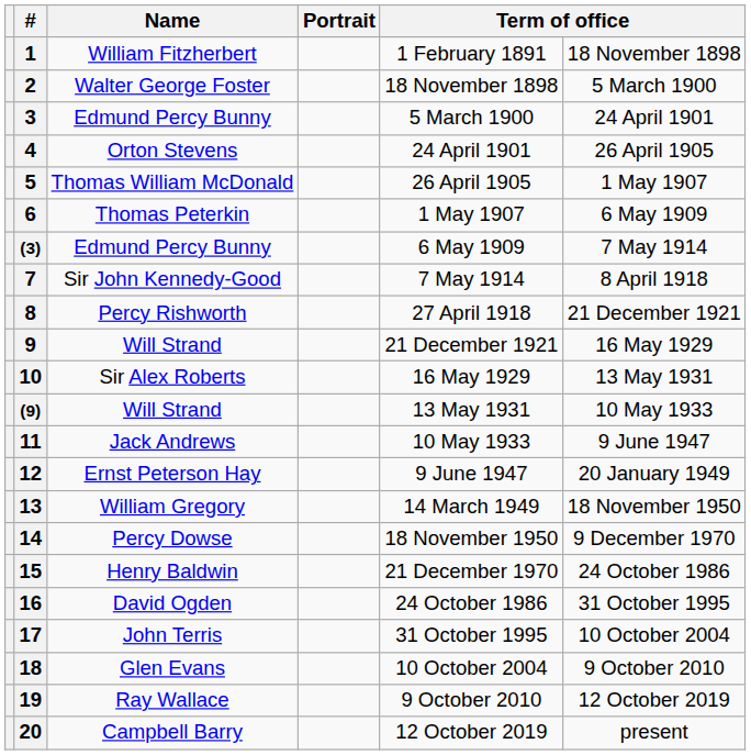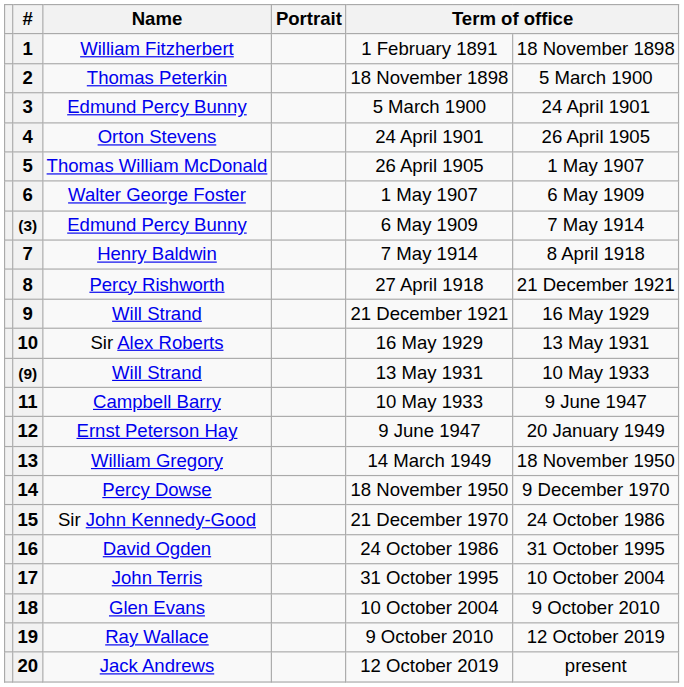 <table class="wikitable" style="text-align:center">
 <tr>
 <th></th>
 <th>#</th>
 <th>Name</th>
 <th>Portrait</th>
 <th colspan="2" width="150">Term of office</th>
 </tr>
 <tr>
 <th style="background:"></th>
 <th>1</th>
 <td><a href='#'>William Fitzherbert</a></td>
 <td></td>
 <td>1 February 1891</td>
 <td>18 November 1898</td>
 </tr>
 <tr>
 <th style="background:"></th>
 <th>2</th>
-<td><a href='#'>Walter George Foster</a></td>
+<td><a href='#'>Thomas Peterkin</a></td>
 <td></td>
 <td>18 November 1898</td>
 <td>5 March 1900</td>
 </tr>
 <tr>
 <th style="background:"></th>
 <th>3</th>
 <td><a href='#'>Edmund Percy Bunny</a></td>
 <td></td>
 <td>5 March 1900</td>
 <td>24 April 1901</td>
 </tr>
 <tr>
 <th style="background:"></th>
 <th>4</th>
 <td><a href='#'>Orton Stevens</a></td>
 <td></td>
 <td>24 April 1901</td>
 <td>26 April 1905</td>
 </tr>
 <tr>
 <th style="background:"></th>
 <th>5</th>
 <td><a href='#'>Thomas William McDonald</a></td>
 <td></td>
 <td>26 April 1905</td>
 <td>1 May 1907</td>
 </tr>
 <tr>
 <th style="background:"></th>
 <th>6</th>
-<td><a href='#'>Thomas Peterkin</a></td>
+<td><a href='#'>Walter George Foster</a></td>
 <td></td>
 <td>1 May 1907</td>
 <td>6 May 1909</td>
 </tr>
 <tr>
 <th style="background:"></th>
 <th><small>(3)</small></th>
 <td><a href='#'>Edmund Percy Bunny</a></td>
 <td></td>
 <td>6 May 1909</td>
 <td>7 May 1914</td>
 </tr>
 <tr>
 <th style="background:"></th>
 <th>7</th>
-<td>Sir <a href='#'>John Kennedy-Good</a></td>
+<td><a href='#'>Henry Baldwin</a></td>
 <td></td>
 <td>7 May 1914</td>
 <td>8 April 1918</td>
 </tr>
 <tr>
 <th style="background:"></th>
 <th>8</th>
 <td><a href='#'>Percy Rishworth</a></td>
 <td></td>
 <td>27 April 1918</td>
 <td>21 December 1921</td>
 </tr>
 <tr>
 <th style="background:"></th>
 <th>9</th>
 <td><a href='#'>Will Strand</a></td>
 <td></td>
 <td>21 December 1921</td>
 <td>16 May 1929</td>
 </tr>
 <tr>
 <th style="background:"></th>
 <th>10</th>
 <td>Sir <a href='#'>Alex Roberts</a></td>
 <td></td>
 <td>16 May 1929</td>
 <td>13 May 1931</td>
 </tr>
 <tr>
 <th style="background:"></th>
 <th><small>(9)</small></th>
 <td><a href='#'>Will Strand</a></td>
 <td></td>
 <td>13 May 1931</td>
 <td>10 May 1933</td>
 </tr>
 <tr>
 <th style="background:"></th>
 <th>11</th>
-<td><a href='#'>Jack Andrews</a></td>
+<td><a href='#'>Campbell Barry</a></td>
 <td></td>
 <td>10 May 1933</td>
 <td>9 June 1947</td>
 </tr>
 <tr>
 <th style="background:"></th>
 <th>12</th>
 <td><a href='#'>Ernst Peterson Hay</a></td>
 <td></td>
 <td>9 June 1947</td>
 <td>20 January 1949</td>
 </tr>
 <tr>
 <th style="background:"></th>
 <th>13</th>
 <td><a href='#'>William Gregory</a></td>
 <td></td>
 <td>14 March 1949</td>
 <td>18 November 1950</td>
 </tr>
 <tr>
 <th style="background:"></th>
 <th>14</th>
 <td><a href='#'>Percy Dowse</a></td>
 <td></td>
 <td>18 November 1950</td>
 <td>9 December 1970</td>
 </tr>
 <tr>
 <th style="background:"></th>
 <th>15</th>
-<td><a href='#'>Henry Baldwin</a></td>
+<td>Sir <a href='#'>John Kennedy-Good</a></td>
 <td></td>
 <td>21 December 1970</td>
 <td>24 October 1986</td>
 </tr>
 <tr>
 <th style="background:"></th>
 <th>16</th>
 <td><a href='#'>David Ogden</a></td>
 <td></td>
 <td>24 October 1986</td>
 <td>31 October 1995</td>
 </tr>
 <tr>
 <th style="background:"></th>
 <th>17</th>
 <td><a href='#'>John Terris</a></td>
 <td></td>
 <td>31 October 1995</td>
 <td>10 October 2004</td>
 </tr>
 <tr>
 <th style="background:"></th>
 <th>18</th>
 <td><a href='#'>Glen Evans</a></td>
 <td></td>
 <td>10 October 2004</td>
 <td>9 October 2010</td>
 </tr>
 <tr>
 <th style="background:"></th>
 <th>19</th>
 <td><a href='#'>Ray Wallace</a></td>
 <td></td>
 <td>9 October 2010</td>
 <td>12 October 2019</td>
 </tr>
 <tr>
 <th style="background:"></th>
 <th>20</th>
-<td><a href='#'>Campbell Barry</a></td>
+<td><a href='#'>Jack Andrews</a></td>
 <td></td>
 <td>12 October 2019</td>
 <td>present</td>
 </tr>
 </table>
